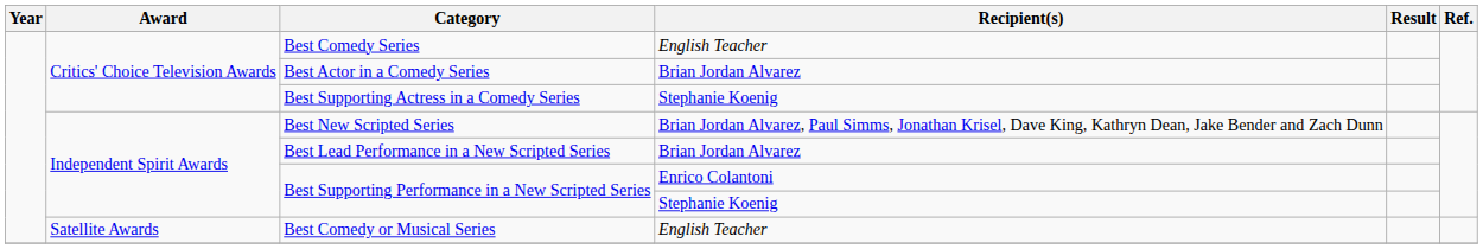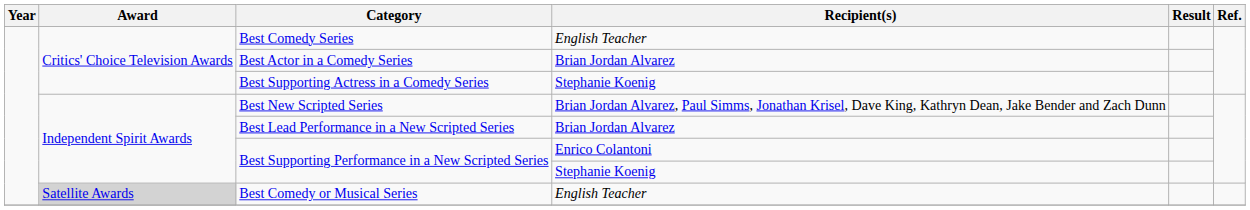 <table class="wikitable">
 <tr>
 <th>Year</th>
 <th>Award</th>
 <th>Category</th>
 <th>Recipient(s)</th>
 <th>Result</th>
 <th>Ref.</th>
 </tr>
 <tr>
 <td rowspan="8"></td>
 <td rowspan="3"><a href='#'>Critics' Choice Television Awards</a></td>
 <td><a href='#'>Best Comedy Series</a></td>
 <td><em>English Teacher</em></td>
 <td></td>
 <td align="center" rowspan="3"></td>
 </tr>
 <tr>
 <td><a href='#'>Best Actor in a Comedy Series</a></td>
 <td><a href='#'>Brian Jordan Alvarez</a></td>
 <td></td>
 </tr>
 <tr>
 <td><a href='#'>Best Supporting Actress in a Comedy Series</a></td>
 <td><a href='#'>Stephanie Koenig</a></td>
 <td></td>
 </tr>
 <tr>
 <td rowspan="4"><a href='#'>Independent Spirit Awards</a></td>
 <td><a href='#'>Best New Scripted Series</a></td>
 <td><a href='#'>Brian Jordan Alvarez</a>, <a href='#'>Paul Simms</a>, <a href='#'>Jonathan Krisel</a>, Dave King, Kathryn Dean, Jake Bender and Zach Dunn</td>
 <td></td>
 <td rowspan="4" align="center"></td>
 </tr>
 <tr>
 <td><a href='#'>Best Lead Performance in a New Scripted Series</a></td>
 <td><a href='#'>Brian Jordan Alvarez</a></td>
 <td></td>
 </tr>
 <tr>
 <td rowspan="2"><a href='#'>Best Supporting Performance in a New Scripted Series</a></td>
 <td><a href='#'>Enrico Colantoni</a></td>
 <td></td>
 </tr>
 <tr>
 <td><a href='#'>Stephanie Koenig</a></td>
 <td></td>
 </tr>
 <tr>
-<td><a href='#'>Satellite Awards</a></td>
+<td style="background: lightgrey;"><a href='#'>Satellite Awards</a></td>
 <td><a href='#'>Best Comedy or Musical Series</a></td>
 <td><em>English Teacher</em></td>
 <td></td>
 <td align="center" rowspan="1"></td>
 </tr>
 <tr>
 </tr>
 </table>
